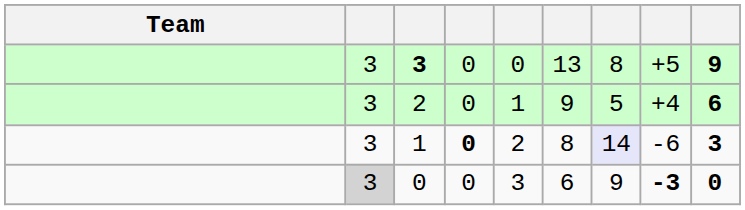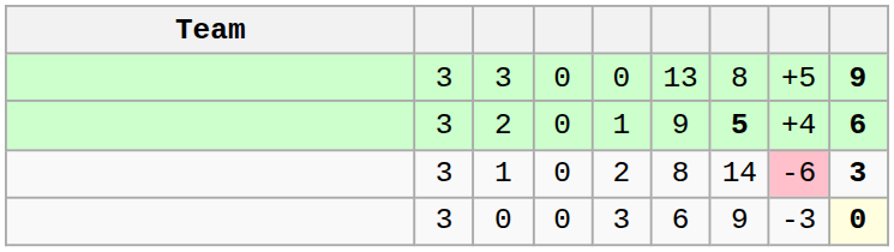 <table class="wikitable" style="text-align: center;">
 <tr>
 <th width="175">Team</th>
 <th width="20"></th>
 <th width="20"></th>
 <th width="20"></th>
 <th width="20"></th>
 <th width="20"></th>
 <th width="20"></th>
 <th width="20"></th>
 <th width="20"></th>
 </tr>
 <tr align=center bgcolor=#ccffcc>
 <td style="text-align:left;"></td>
 <td>3</td>
-<td><strong>3</strong></td>
+<td>3</td>
 <td>0</td>
 <td>0</td>
 <td>13</td>
 <td>8</td>
 <td>+5</td>
 <td><strong>9</strong></td>
 </tr>
 <tr align=center bgcolor=#ccffcc>
 <td style="text-align:left;"></td>
 <td>3</td>
 <td>2</td>
 <td>0</td>
 <td>1</td>
 <td>9</td>
-<td>5</td>
+<td><strong>5</strong></td>
 <td>+4</td>
 <td><strong>6</strong></td>
 </tr>
 <tr>
 <td style="text-align:left;"></td>
 <td>3</td>
 <td>1</td>
-<td><strong>0</strong></td>
+<td>0</td>
 <td>2</td>
 <td>8</td>
-<td style="background: lavender;">14</td>
-<td>-6</td>
+<td>14</td>
+<td style="background: pink;">-6</td>
 <td><strong>3</strong></td>
 </tr>
 <tr>
 <td style="text-align:left;"></td>
-<td style="background: lightgrey;">3</td>
+<td>3</td>
 <td>0</td>
 <td>0</td>
 <td>3</td>
 <td>6</td>
 <td>9</td>
-<td><strong>-3</strong></td>
-<td><strong>0</strong></td>
+<td>-3</td>
+<td style="background: lightyellow;"><strong>0</strong></td>
 </tr>
 </table>
